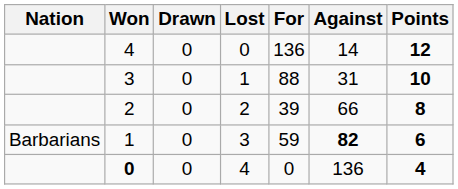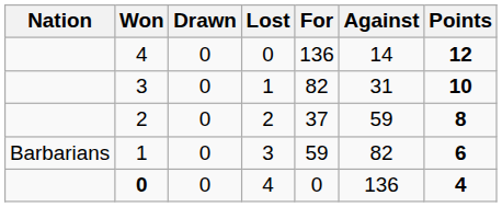 <table class="wikitable" style="text-align: center;">
 <tr>
 <th>Nation</th>
 <th>Won</th>
 <th>Drawn</th>
 <th>Lost</th>
 <th>For</th>
 <th>Against</th>
 <th>Points</th>
 </tr>
 <tr>
 <td align="left"></td>
 <td>4</td>
 <td>0</td>
 <td>0</td>
 <td>136</td>
 <td>14</td>
 <td><strong>12</strong></td>
 </tr>
 <tr>
 <td align="left"></td>
 <td>3</td>
 <td>0</td>
 <td>1</td>
-<td>88</td>
+<td>82</td>
 <td>31</td>
 <td><strong>10</strong></td>
 </tr>
 <tr>
 <td align="left"></td>
 <td>2</td>
 <td>0</td>
 <td>2</td>
-<td>39</td>
-<td>66</td>
+<td>37</td>
+<td>59</td>
 <td><strong>8</strong></td>
 </tr>
 <tr>
 <td align="left">Barbarians</td>
 <td>1</td>
 <td>0</td>
 <td>3</td>
 <td>59</td>
-<td><strong>82</strong></td>
+<td>82</td>
 <td><strong>6</strong></td>
 </tr>
 <tr>
 <td align="left"></td>
 <td><strong>0</strong></td>
 <td>0</td>
 <td>4</td>
 <td>0</td>
 <td>136</td>
 <td><strong>4</strong></td>
 </tr>
 </table>
